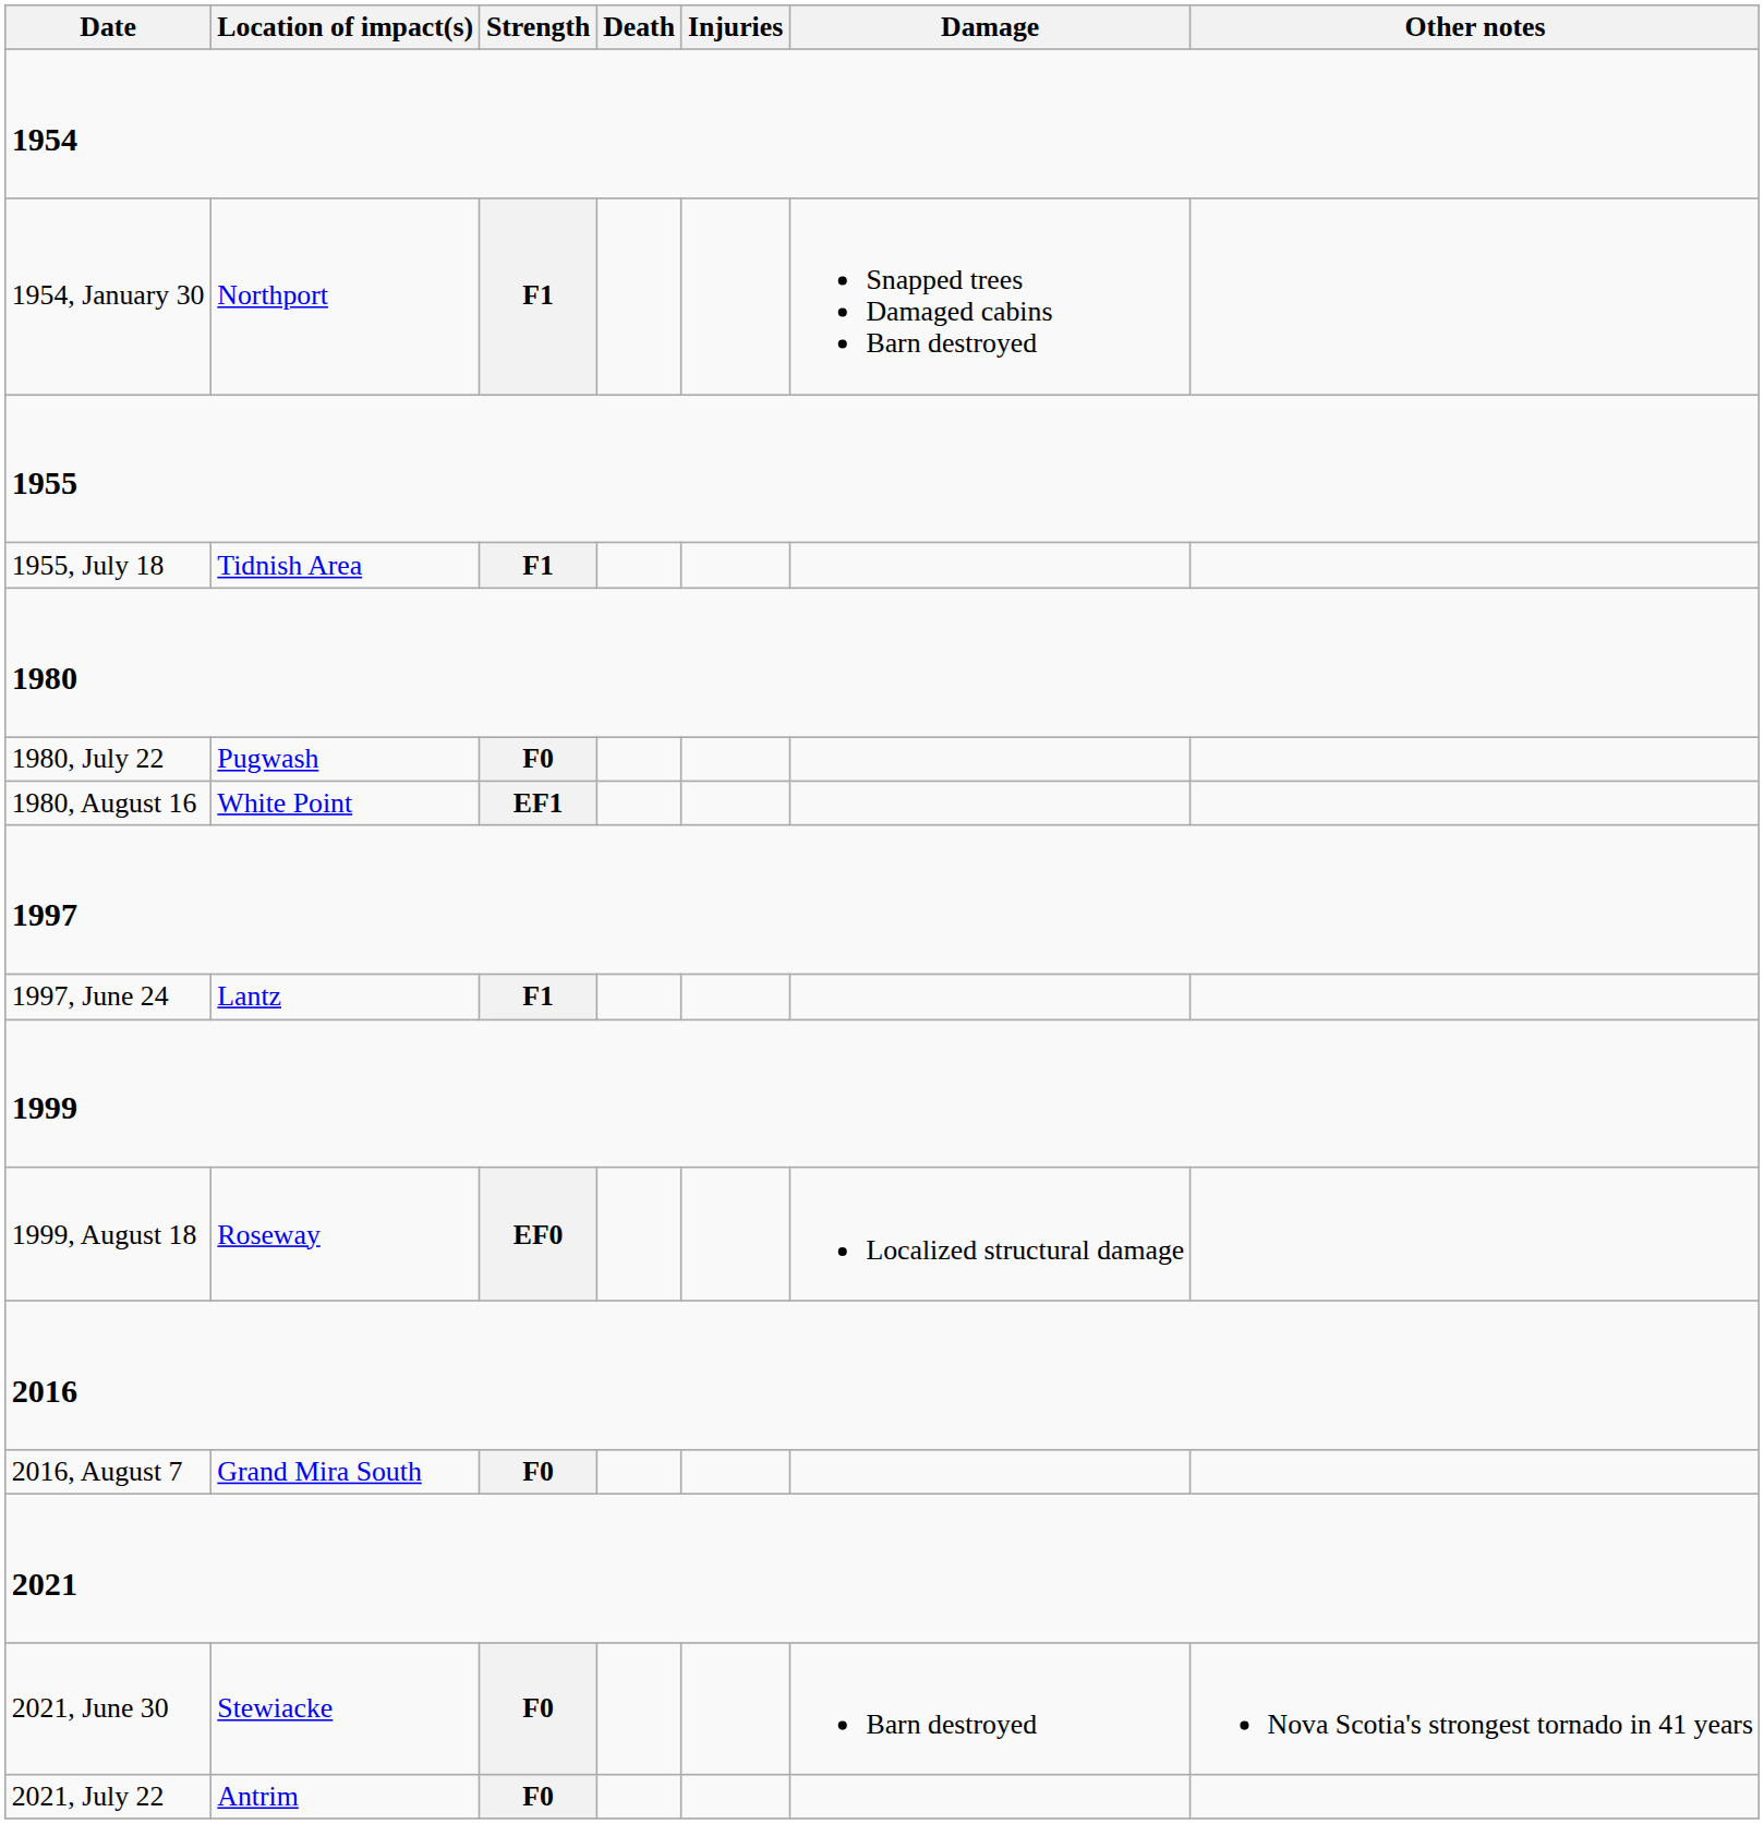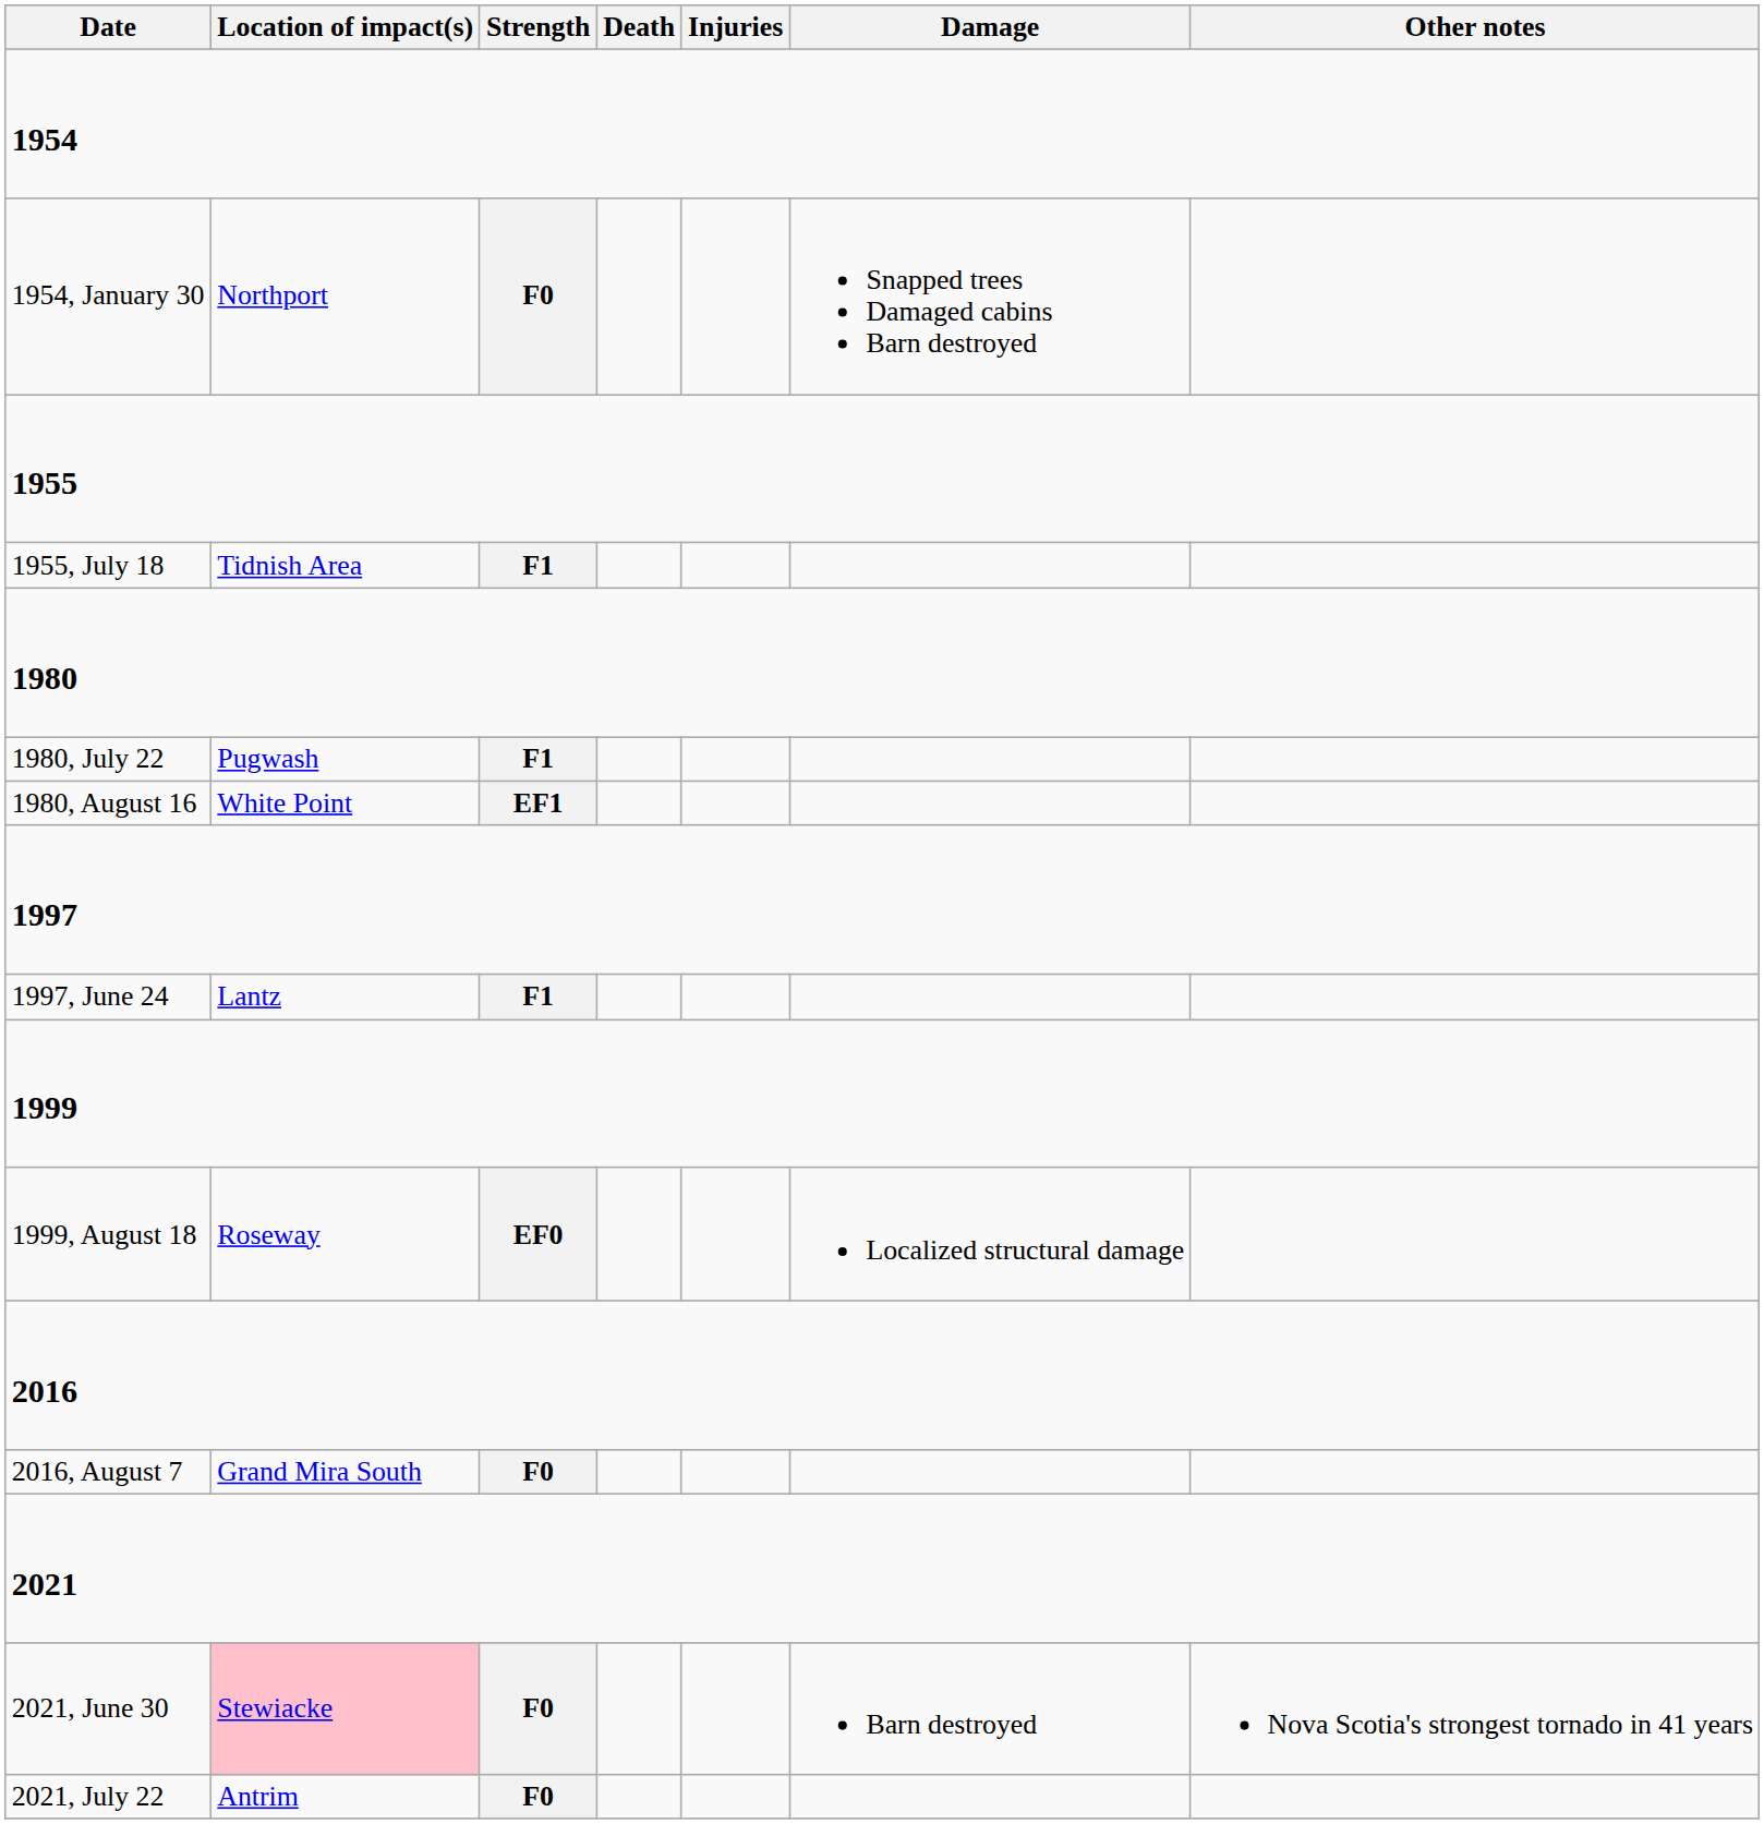 <table class="wikitable mw-collapsible">
 <tr>
 <th>Date</th>
 <th>Location of impact(s)</th>
 <th>Strength</th>
 <th>Death</th>
 <th>Injuries</th>
 <th>Damage</th>
 <th>Other notes</th>
 </tr>
 <tr>
 <td colspan="7"><br><h3>1954</h3></td>
 </tr>
 <tr>
 <td>1954, January 30</td>
 <td><a href='#'>Northport</a></td>
-<th style="background-color:#">F1</th>
+<th style="background-color:#">F0</th>
 <td></td>
 <td></td>
 <td><br><ul><li>Snapped trees</li><li>Damaged cabins</li><li>Barn destroyed</li></ul></td>
 <td></td>
 </tr>
 <tr>
 <td colspan="7"><br><h3>1955</h3></td>
 </tr>
 <tr>
 <td>1955, July 18</td>
 <td><a href='#'>Tidnish Area</a></td>
 <th style="background-color:#">F1</th>
 <td></td>
 <td></td>
 <td></td>
 <td></td>
 </tr>
 <tr>
 <td colspan="7"><br><h3>1980</h3></td>
 </tr>
 <tr>
 <td>1980, July 22</td>
 <td><a href='#'>Pugwash</a></td>
-<th style="background-color:#">F0</th>
+<th style="background-color:#">F1</th>
 <td></td>
 <td></td>
 <td></td>
 <td></td>
 </tr>
 <tr>
 <td>1980, August 16</td>
 <td><a href='#'>White Point</a></td>
 <th style="background-color:#">EF1</th>
 <td></td>
 <td></td>
 <td></td>
 <td></td>
 </tr>
 <tr>
 <td colspan="7"><br><h3>1997</h3></td>
 </tr>
 <tr>
 <td>1997, June 24</td>
 <td><a href='#'>Lantz</a></td>
 <th style="background-color:#">F1</th>
 <td></td>
 <td></td>
 <td></td>
 <td></td>
 </tr>
 <tr>
 <td colspan="7"><br><h3>1999</h3></td>
 </tr>
 <tr>
 <td>1999, August 18</td>
 <td><a href='#'>Roseway</a></td>
 <th style="background-color:#">EF0</th>
 <td></td>
 <td></td>
 <td><br><ul><li>Localized structural damage</li></ul></td>
 <td></td>
 </tr>
 <tr>
 <td colspan="7"><br><h3>2016</h3></td>
 </tr>
 <tr>
 <td>2016, August 7</td>
 <td><a href='#'>Grand Mira South</a></td>
 <th style="background-color:#">F0</th>
 <td></td>
 <td></td>
 <td></td>
 <td></td>
 </tr>
 <tr>
 <td colspan="7"><br><h3>2021</h3></td>
 </tr>
 <tr>
 <td>2021, June 30</td>
-<td><a href='#'>Stewiacke</a></td>
+<td style="background: pink;"><a href='#'>Stewiacke</a></td>
 <th style="background-color:#">F0</th>
 <td></td>
 <td></td>
 <td><br><ul><li>Barn destroyed</li></ul></td>
 <td><br><ul><li>Nova Scotia's strongest tornado in 41 years</li></ul></td>
 </tr>
 <tr>
 <td>2021, July 22</td>
 <td><a href='#'>Antrim</a></td>
 <th style="background-color:#">F0</th>
 <td></td>
 <td></td>
 <td></td>
 <td></td>
 </tr>
 </table>
